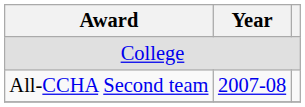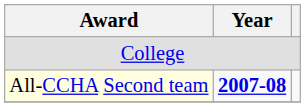 <table class="wikitable">
 <tr>
 <th>Award</th>
 <th>Year</th>
 <th></th>
 </tr>
 <tr ALIGN="center" bgcolor="#e0e0e0">
 <td colspan="3"><a href='#'>College</a></td>
 </tr>
 <tr>
-<td>All-<a href='#'>CCHA</a> <a href='#'>Second team</a></td>
-<td><a href='#'>2007-08</a></td>
+<td style="background: lightyellow;">All-<a href='#'>CCHA</a> <a href='#'>Second team</a></td>
+<td><strong><a href='#'>2007-08</a></strong></td>
 <td></td>
 </tr>
 <tr>
 </tr>
 </table>
